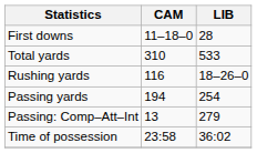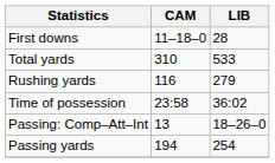 <table class="wikitable" style="float: left;">
 <tr>
 <th>Statistics</th>
 <th>CAM</th>
 <th>LIB</th>
 </tr>
 <tr>
 <td>First downs</td>
 <td>11–18–0</td>
 <td>28</td>
 </tr>
 <tr>
 <td>Total yards</td>
 <td>310</td>
 <td>533</td>
 </tr>
 <tr>
 <td>Rushing yards</td>
 <td>116</td>
+<td>279</td>
+</tr>
+<tr>
+<td>Time of possession</td>
+<td>23:58</td>
+<td>36:02</td>
+</tr>
+<tr>
+<td>Passing: Comp–Att–Int</td>
+<td>13</td>
 <td>18–26–0</td>
 </tr>
 <tr>
 <td>Passing yards</td>
 <td>194</td>
 <td>254</td>
 </tr>
 <tr>
-<td>Passing: Comp–Att–Int</td>
-<td>13</td>
-<td>279</td>
-</tr>
-<tr>
-<td>Time of possession</td>
-<td>23:58</td>
-<td>36:02</td>
-</tr>
-<tr>
 </tr>
 </table>
